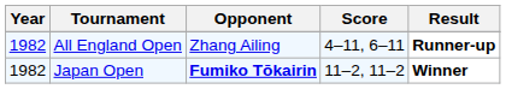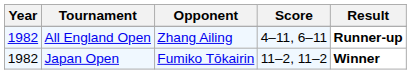 <table class="sortable wikitable" style="font-size:90%;">
 <tr>
 <th>Year</th>
 <th>Tournament</th>
 <th>Opponent</th>
 <th>Score</th>
 <th>Result</th>
 </tr>
 <tr>
 </tr>
 <tr style="background:#F0F8FF">
 <td align="center"><a href='#'>1982</a></td>
 <td align="left"><a href='#'>All England Open</a></td>
 <td align="left"> <a href='#'>Zhang Ailing</a></td>
 <td align="left">4–11, 6–11</td>
 <td style="text-align:left; background:white"> <strong>Runner-up</strong></td>
 </tr>
 <tr style="background:#F0F8FF">
 <td align="center">1982</td>
 <td align="left"><a href='#'>Japan Open</a></td>
-<td align="left"><strong> <a href='#'>Fumiko Tōkairin</a></strong></td>
+<td align="left"> <a href='#'>Fumiko Tōkairin</a></td>
 <td align="left">11–2, 11–2</td>
 <td style="text-align:left; background:white"> <strong>Winner</strong></td>
 </tr>
 </table>
